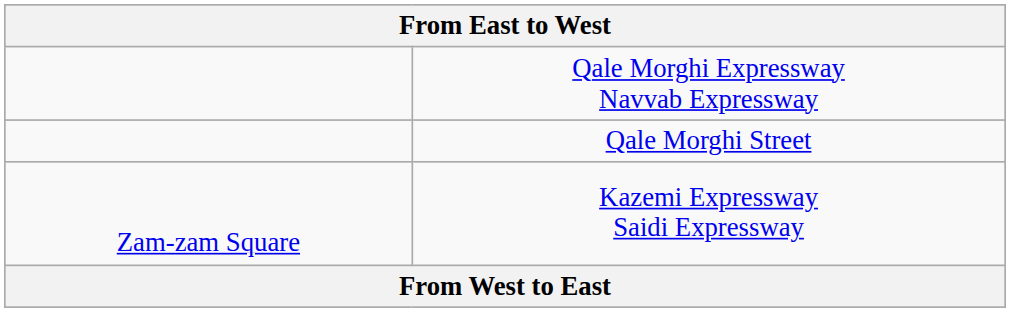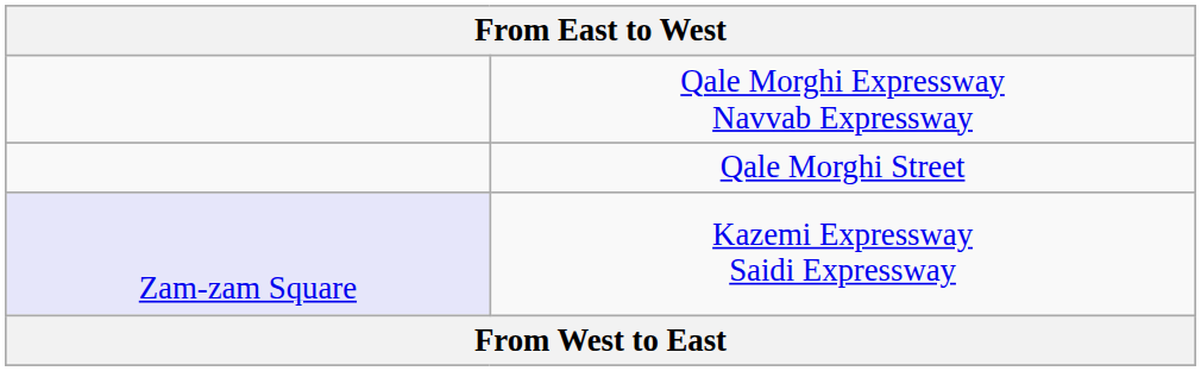 <table class="wikitable" style="text-align:center" width="600px">
 <tr>
 <th text-align="center" colspan="3"> From East to West </th>
 </tr>
 <tr>
 <td><br></td>
 <td> <a href='#'>Qale Morghi Expressway</a><br>  <a href='#'>Navvab Expressway</a></td>
 </tr>
 <tr>
 <td></td>
 <td> <a href='#'>Qale Morghi Street</a></td>
 </tr>
 <tr>
-<td><br><br><a href='#'>Zam-zam Square</a></td>
+<td style="background: lavender;"><br><br><a href='#'>Zam-zam Square</a></td>
 <td> <a href='#'>Kazemi Expressway</a><br>  <a href='#'>Saidi Expressway</a></td>
 </tr>
 <tr>
 <th text-align="center" colspan="3"> From West to East </th>
 </tr>
 </table>
